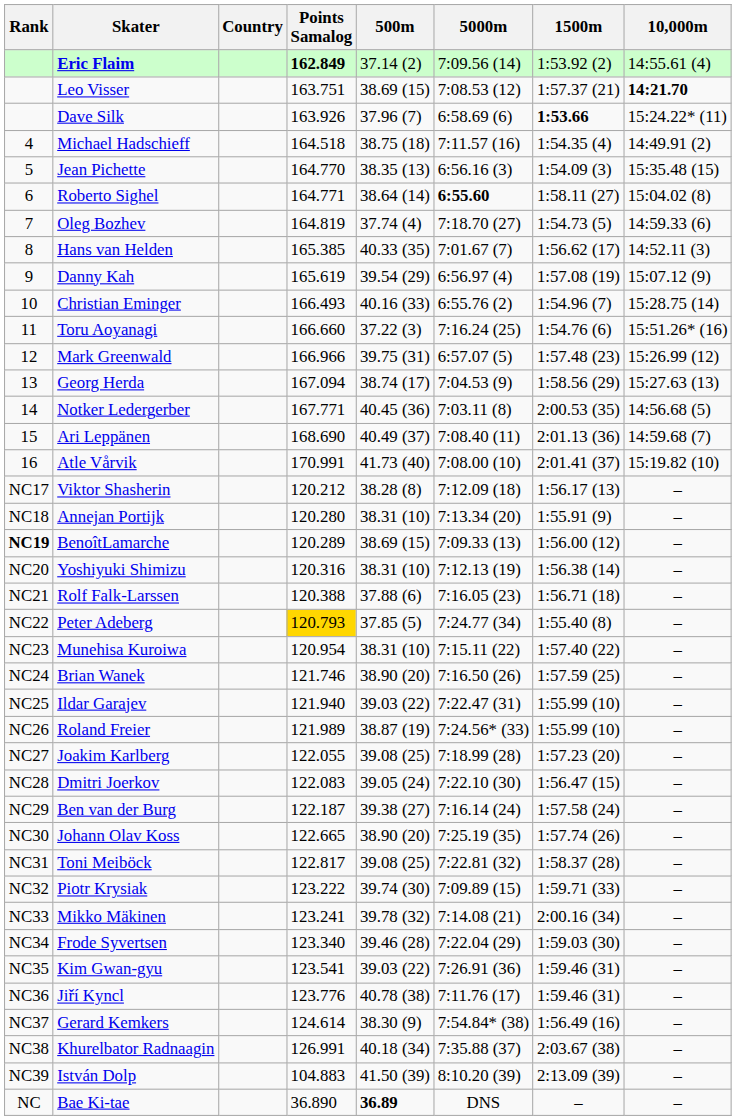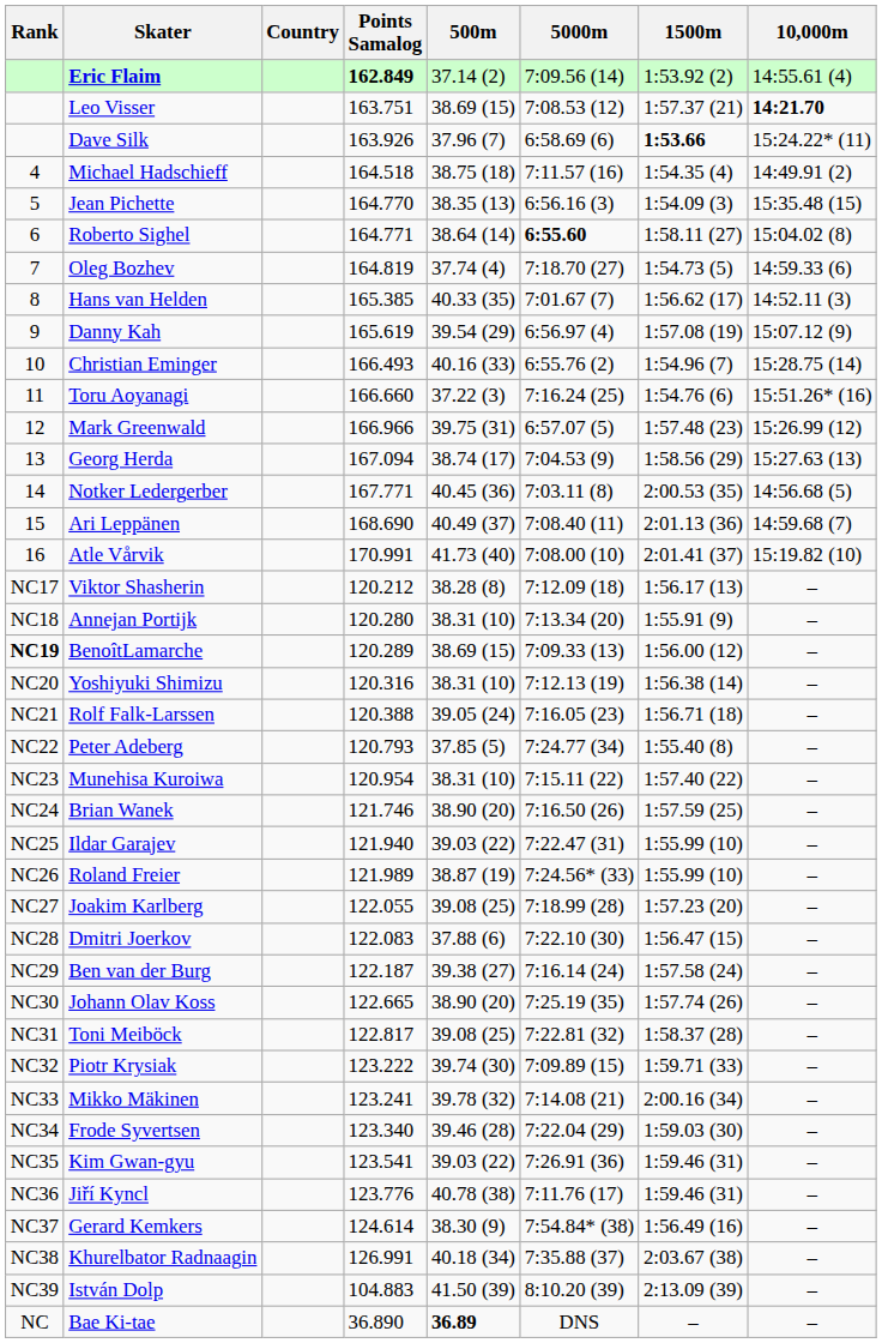 <table class="wikitable sortable" style="text-align:left">
 <tr>
 <th>Rank</th>
 <th>Skater</th>
 <th>Country</th>
 <th>Points <br> Samalog</th>
 <th>500m</th>
 <th>5000m</th>
 <th>1500m</th>
 <th>10,000m</th>
 </tr>
 <tr bgcolor=ccffcc>
 <td style="text-align:center"></td>
 <td><strong><a href='#'>Eric Flaim</a></strong></td>
 <td></td>
 <td><strong>162.849</strong></td>
 <td>37.14 (2)</td>
 <td>7:09.56 (14)</td>
 <td>1:53.92 (2)</td>
 <td>14:55.61 (4)</td>
 </tr>
 <tr>
 <td style="text-align:center"></td>
 <td><a href='#'>Leo Visser</a></td>
 <td></td>
 <td>163.751</td>
 <td>38.69 (15)</td>
 <td>7:08.53 (12)</td>
 <td>1:57.37 (21)</td>
 <td><strong>14:21.70</strong> </td>
 </tr>
 <tr>
 <td style="text-align:center"></td>
 <td><a href='#'>Dave Silk</a></td>
 <td></td>
 <td>163.926</td>
 <td>37.96 (7)</td>
 <td>6:58.69 (6)</td>
 <td><strong>1:53.66</strong> </td>
 <td>15:24.22* (11)</td>
 </tr>
 <tr>
 <td style="text-align:center">4</td>
 <td><a href='#'>Michael Hadschieff</a></td>
 <td></td>
 <td>164.518</td>
 <td>38.75 (18)</td>
 <td>7:11.57 (16)</td>
 <td>1:54.35 (4)</td>
 <td>14:49.91 (2)</td>
 </tr>
 <tr>
 <td style="text-align:center">5</td>
 <td><a href='#'>Jean Pichette</a></td>
 <td></td>
 <td>164.770</td>
 <td>38.35 (13)</td>
 <td>6:56.16 (3)</td>
 <td>1:54.09 (3)</td>
 <td>15:35.48 (15)</td>
 </tr>
 <tr>
 <td style="text-align:center">6</td>
 <td><a href='#'>Roberto Sighel</a></td>
 <td></td>
 <td>164.771</td>
 <td>38.64 (14)</td>
 <td><strong>6:55.60</strong> </td>
 <td>1:58.11 (27)</td>
 <td>15:04.02 (8)</td>
 </tr>
 <tr>
 <td style="text-align:center">7</td>
 <td><a href='#'>Oleg Bozhev</a></td>
 <td></td>
 <td>164.819</td>
 <td>37.74 (4)</td>
 <td>7:18.70 (27)</td>
 <td>1:54.73 (5)</td>
 <td>14:59.33 (6)</td>
 </tr>
 <tr>
 <td style="text-align:center">8</td>
 <td><a href='#'>Hans van Helden</a></td>
 <td></td>
 <td>165.385</td>
 <td>40.33 (35)</td>
 <td>7:01.67 (7)</td>
 <td>1:56.62 (17)</td>
 <td>14:52.11 (3)</td>
 </tr>
 <tr>
 <td style="text-align:center">9</td>
 <td><a href='#'>Danny Kah</a></td>
 <td></td>
 <td>165.619</td>
 <td>39.54 (29)</td>
 <td>6:56.97 (4)</td>
 <td>1:57.08 (19)</td>
 <td>15:07.12 (9)</td>
 </tr>
 <tr>
 <td style="text-align:center">10</td>
 <td><a href='#'>Christian Eminger</a></td>
 <td></td>
 <td>166.493</td>
 <td>40.16 (33)</td>
 <td>6:55.76 (2)</td>
 <td>1:54.96 (7)</td>
 <td>15:28.75 (14)</td>
 </tr>
 <tr>
 <td style="text-align:center">11</td>
 <td><a href='#'>Toru Aoyanagi</a></td>
 <td></td>
 <td>166.660</td>
 <td>37.22 (3)</td>
 <td>7:16.24 (25)</td>
 <td>1:54.76 (6)</td>
 <td>15:51.26* (16)</td>
 </tr>
 <tr>
 <td style="text-align:center">12</td>
 <td><a href='#'>Mark Greenwald</a></td>
 <td></td>
 <td>166.966</td>
 <td>39.75 (31)</td>
 <td>6:57.07 (5)</td>
 <td>1:57.48 (23)</td>
 <td>15:26.99 (12)</td>
 </tr>
 <tr>
 <td style="text-align:center">13</td>
 <td><a href='#'>Georg Herda</a></td>
 <td></td>
 <td>167.094</td>
 <td>38.74 (17)</td>
 <td>7:04.53 (9)</td>
 <td>1:58.56 (29)</td>
 <td>15:27.63 (13)</td>
 </tr>
 <tr>
 <td style="text-align:center">14</td>
 <td><a href='#'>Notker Ledergerber</a></td>
 <td></td>
 <td>167.771</td>
 <td>40.45 (36)</td>
 <td>7:03.11 (8)</td>
 <td>2:00.53 (35)</td>
 <td>14:56.68 (5)</td>
 </tr>
 <tr>
 <td style="text-align:center">15</td>
 <td><a href='#'>Ari Leppänen</a></td>
 <td></td>
 <td>168.690</td>
 <td>40.49 (37)</td>
 <td>7:08.40 (11)</td>
 <td>2:01.13 (36)</td>
 <td>14:59.68 (7)</td>
 </tr>
 <tr>
 <td style="text-align:center">16</td>
 <td><a href='#'>Atle Vårvik</a></td>
 <td></td>
 <td>170.991</td>
 <td>41.73 (40)</td>
 <td>7:08.00 (10)</td>
 <td>2:01.41 (37)</td>
 <td>15:19.82 (10)</td>
 </tr>
 <tr>
 <td style="text-align:center">NC17</td>
 <td><a href='#'>Viktor Shasherin</a></td>
 <td></td>
 <td>120.212</td>
 <td>38.28 (8)</td>
 <td>7:12.09 (18)</td>
 <td>1:56.17 (13)</td>
 <td style="text-align:center">–</td>
 </tr>
 <tr>
 <td style="text-align:center">NC18</td>
 <td><a href='#'>Annejan Portijk</a></td>
 <td></td>
 <td>120.280</td>
 <td>38.31 (10)</td>
 <td>7:13.34 (20)</td>
 <td>1:55.91 (9)</td>
 <td style="text-align:center">–</td>
 </tr>
 <tr>
 <td style="text-lign:center"><strong>NC19</strong></td>
 <td><a href='#'>BenoîtLamarche</a></td>
 <td></td>
 <td>120.289</td>
 <td>38.69 (15)</td>
 <td>7:09.33 (13)</td>
 <td>1:56.00 (12)</td>
 <td style="text-align:center">–</td>
 </tr>
 <tr>
 <td style="text-align:center">NC20</td>
 <td><a href='#'>Yoshiyuki Shimizu</a></td>
 <td></td>
 <td>120.316</td>
 <td>38.31 (10)</td>
 <td>7:12.13 (19)</td>
 <td>1:56.38 (14)</td>
 <td style="text-align:center">–</td>
 </tr>
 <tr>
 <td style="text-align:center">NC21</td>
 <td><a href='#'>Rolf Falk-Larssen</a></td>
 <td></td>
 <td>120.388</td>
-<td>37.88 (6)</td>
+<td>39.05 (24)</td>
 <td>7:16.05 (23)</td>
 <td>1:56.71 (18)</td>
 <td style="text-align:center">–</td>
 </tr>
 <tr>
 <td style="text-align:center">NC22</td>
 <td><a href='#'>Peter Adeberg</a></td>
 <td></td>
-<td style="background: gold;">120.793</td>
+<td>120.793</td>
 <td>37.85 (5)</td>
 <td>7:24.77 (34)</td>
 <td>1:55.40 (8)</td>
 <td style="text-align:center">–</td>
 </tr>
 <tr>
 <td style="text-align:center">NC23</td>
 <td><a href='#'>Munehisa Kuroiwa</a></td>
 <td></td>
 <td>120.954</td>
 <td>38.31 (10)</td>
 <td>7:15.11 (22)</td>
 <td>1:57.40 (22)</td>
 <td style="text-align:center">–</td>
 </tr>
 <tr>
 <td style="text-align:center">NC24</td>
 <td><a href='#'>Brian Wanek</a></td>
 <td></td>
 <td>121.746</td>
 <td>38.90 (20)</td>
 <td>7:16.50 (26)</td>
 <td>1:57.59 (25)</td>
 <td style="text-align:center">–</td>
 </tr>
 <tr>
 <td style="text-align:center">NC25</td>
 <td><a href='#'>Ildar Garajev</a></td>
 <td></td>
 <td>121.940</td>
 <td>39.03 (22)</td>
 <td>7:22.47 (31)</td>
 <td>1:55.99 (10)</td>
 <td style="text-align:center">–</td>
 </tr>
 <tr>
 <td style="text-align:center">NC26</td>
 <td><a href='#'>Roland Freier</a></td>
 <td></td>
 <td>121.989</td>
 <td>38.87 (19)</td>
 <td>7:24.56* (33)</td>
 <td>1:55.99 (10)</td>
 <td style="text-align:center">–</td>
 </tr>
 <tr>
 <td style="text-align:center">NC27</td>
 <td><a href='#'>Joakim Karlberg</a></td>
 <td></td>
 <td>122.055</td>
 <td>39.08 (25)</td>
 <td>7:18.99 (28)</td>
 <td>1:57.23 (20)</td>
 <td style="text-align:center">–</td>
 </tr>
 <tr>
 <td style="text-align:center">NC28</td>
 <td><a href='#'>Dmitri Joerkov</a></td>
 <td></td>
 <td>122.083</td>
-<td>39.05 (24)</td>
+<td>37.88 (6)</td>
 <td>7:22.10 (30)</td>
 <td>1:56.47 (15)</td>
 <td style="text-align:center">–</td>
 </tr>
 <tr>
 <td style="text-align:center">NC29</td>
 <td><a href='#'>Ben van der Burg</a></td>
 <td></td>
 <td>122.187</td>
 <td>39.38 (27)</td>
 <td>7:16.14 (24)</td>
 <td>1:57.58 (24)</td>
 <td style="text-align:center">–</td>
 </tr>
 <tr>
 <td style="text-align:center">NC30</td>
 <td><a href='#'>Johann Olav Koss</a></td>
 <td></td>
 <td>122.665</td>
 <td>38.90 (20)</td>
 <td>7:25.19 (35)</td>
 <td>1:57.74 (26)</td>
 <td style="text-align:center">–</td>
 </tr>
 <tr>
 <td style="text-align:center">NC31</td>
 <td><a href='#'>Toni Meiböck</a></td>
 <td></td>
 <td>122.817</td>
 <td>39.08 (25)</td>
 <td>7:22.81 (32)</td>
 <td>1:58.37 (28)</td>
 <td style="text-align:center">–</td>
 </tr>
 <tr>
 <td style="text-align:center">NC32</td>
 <td><a href='#'>Piotr Krysiak</a></td>
 <td></td>
 <td>123.222</td>
 <td>39.74 (30)</td>
 <td>7:09.89 (15)</td>
 <td>1:59.71 (33)</td>
 <td style="text-align:center">–</td>
 </tr>
 <tr>
 <td style="text-align:center">NC33</td>
 <td><a href='#'>Mikko Mäkinen</a></td>
 <td></td>
 <td>123.241</td>
 <td>39.78 (32)</td>
 <td>7:14.08 (21)</td>
 <td>2:00.16 (34)</td>
 <td style="text-align:center">–</td>
 </tr>
 <tr>
 <td style="text-align:center">NC34</td>
 <td><a href='#'>Frode Syvertsen</a></td>
 <td></td>
 <td>123.340</td>
 <td>39.46 (28)</td>
 <td>7:22.04 (29)</td>
 <td>1:59.03 (30)</td>
 <td style="text-align:center">–</td>
 </tr>
 <tr>
 <td style="text-align:center">NC35</td>
 <td><a href='#'>Kim Gwan-gyu</a></td>
 <td></td>
 <td>123.541</td>
 <td>39.03 (22)</td>
 <td>7:26.91 (36)</td>
 <td>1:59.46 (31)</td>
 <td style="text-align:center">–</td>
 </tr>
 <tr>
 <td style="text-align:center">NC36</td>
 <td><a href='#'>Jiří Kyncl</a></td>
 <td></td>
 <td>123.776</td>
 <td>40.78 (38)</td>
 <td>7:11.76 (17)</td>
 <td>1:59.46 (31)</td>
 <td style="text-align:center">–</td>
 </tr>
 <tr>
 <td style="text-align:center">NC37</td>
 <td><a href='#'>Gerard Kemkers</a></td>
 <td></td>
 <td>124.614</td>
 <td>38.30 (9)</td>
 <td>7:54.84* (38)</td>
 <td>1:56.49 (16)</td>
 <td style="text-align:center">–</td>
 </tr>
 <tr>
 <td style="text-align:center">NC38</td>
 <td><a href='#'>Khurelbator Radnaagin</a></td>
 <td></td>
 <td>126.991</td>
 <td>40.18 (34)</td>
 <td>7:35.88 (37)</td>
 <td>2:03.67 (38)</td>
 <td style="text-align:center">–</td>
 </tr>
 <tr>
 <td style="text-align:center">NC39</td>
 <td><a href='#'>István Dolp</a></td>
 <td></td>
 <td>104.883</td>
 <td>41.50 (39)</td>
 <td>8:10.20 (39)</td>
 <td>2:13.09 (39)</td>
 <td style="text-align:center">–</td>
 </tr>
 <tr>
 <td style="text-align:center">NC</td>
 <td><a href='#'>Bae Ki-tae</a></td>
 <td></td>
 <td>36.890</td>
 <td><strong>36.89</strong> </td>
 <td style="text-align:center">DNS</td>
 <td style="text-align:center">–</td>
 <td style="text-align:center">–</td>
 </tr>
 </table>
